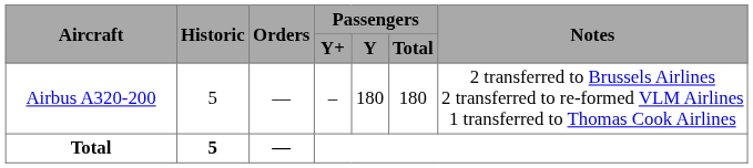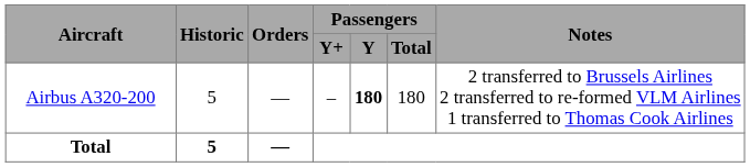 <table class="toccolours" border="1" cellpadding="3" style="margin:1em auto; border-collapse:collapse;text-align:center">
 <tr style="background:#A9A9A9;">
 <th rowspan="2" style="width:140px;">Aircraft</th>
 <th rowspan="2">Historic</th>
 <th rowspan="2">Orders</th>
 <th colspan="3">Passengers</th>
 <th rowspan="2">Notes</th>
 </tr>
 <tr style="background:#A9A9A9;">
 <th style="width:25px;"><abbr>Y+</abbr></th>
 <th style="width:25px;"><abbr>Y</abbr></th>
 <th style="width:25px;">Total</th>
 </tr>
 <tr>
 <td><a href='#'>Airbus A320-200</a></td>
 <td>5</td>
 <td>—</td>
 <td>–</td>
-<td>180</td>
+<td><strong>180</strong></td>
 <td>180</td>
 <td>2 transferred to <a href='#'>Brussels Airlines</a><br>2 transferred to re-formed <a href='#'>VLM Airlines</a><br>1 transferred to <a href='#'>Thomas Cook Airlines</a></td>
 </tr>
 <tr>
 <th>Total</th>
 <th>5</th>
 <th>—</th>
 <th colspan="4"></th>
 </tr>
 </table>
